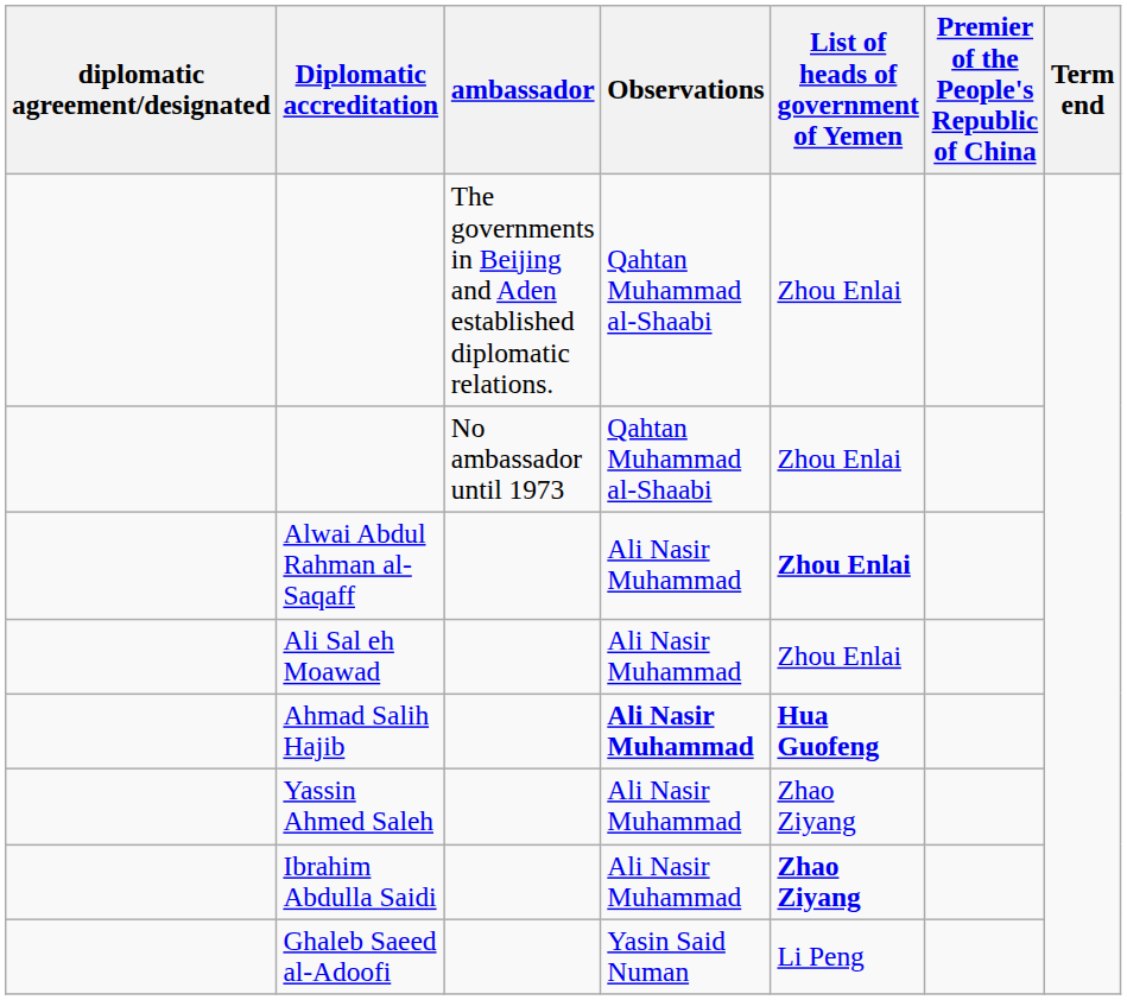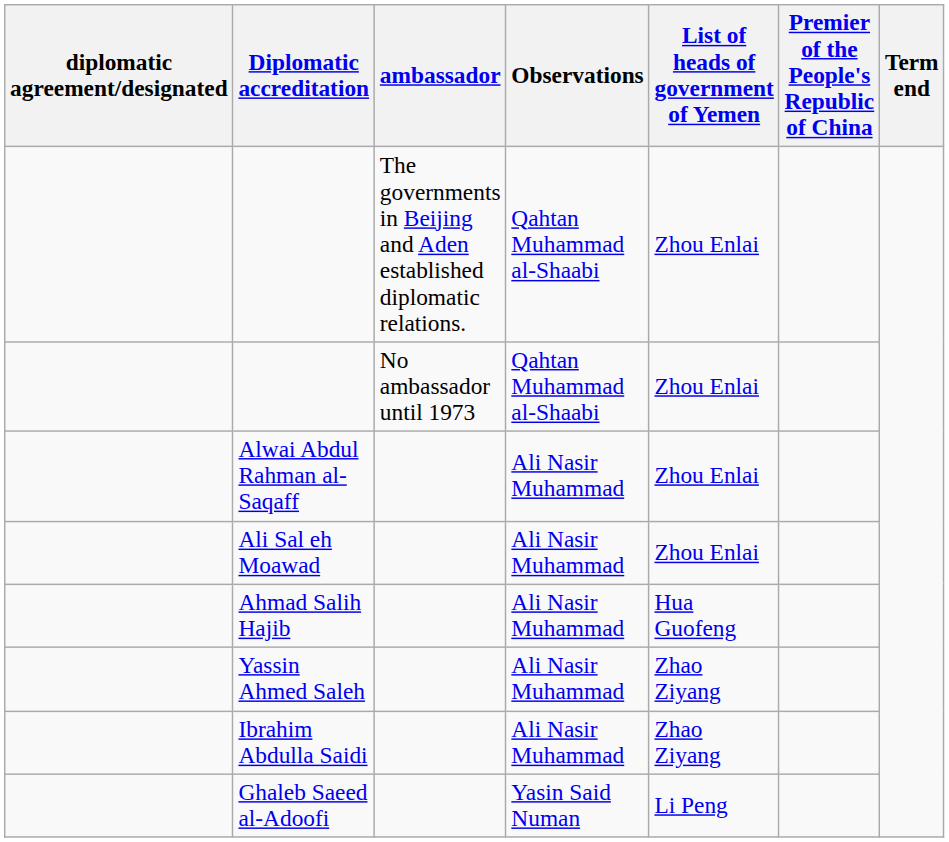 <table class="wikitable sortable">
 <tr>
 <th>diplomatic agreement/designated</th>
 <th><a href='#'>Diplomatic accreditation</a></th>
 <th><a href='#'>ambassador</a></th>
 <th>Observations</th>
 <th><a href='#'>List of heads of government of Yemen</a></th>
 <th><a href='#'>Premier of the People's Republic of China</a></th>
 <th>Term end</th>
 </tr>
 <tr>
 <td></td>
 <td></td>
 <td>The governments in <a href='#'>Beijing</a> and <a href='#'>Aden</a> established diplomatic relations.</td>
 <td><a href='#'>Qahtan Muhammad al-Shaabi</a></td>
 <td><a href='#'>Zhou Enlai</a></td>
 <td></td>
 </tr>
 <tr>
 <td></td>
 <td></td>
 <td>No ambassador until 1973</td>
 <td><a href='#'>Qahtan Muhammad al-Shaabi</a></td>
 <td><a href='#'>Zhou Enlai</a></td>
 <td></td>
 </tr>
 <tr>
 <td></td>
 <td><a href='#'>Alwai Abdul Rahman al-Saqaff</a></td>
 <td></td>
 <td><a href='#'>Ali Nasir Muhammad</a></td>
-<td><strong><a href='#'>Zhou Enlai</a></strong></td>
+<td><a href='#'>Zhou Enlai</a></td>
 <td></td>
 </tr>
 <tr>
 <td></td>
 <td><a href='#'>Ali Sal eh Moawad</a></td>
 <td></td>
 <td><a href='#'>Ali Nasir Muhammad</a></td>
 <td><a href='#'>Zhou Enlai</a></td>
 <td></td>
 </tr>
 <tr>
 <td></td>
 <td><a href='#'>Ahmad Salih Hajib</a></td>
 <td></td>
-<td><strong><a href='#'>Ali Nasir Muhammad</a></strong></td>
-<td><strong><a href='#'>Hua Guofeng</a></strong></td>
+<td><a href='#'>Ali Nasir Muhammad</a></td>
+<td><a href='#'>Hua Guofeng</a></td>
 <td></td>
 </tr>
 <tr>
 <td></td>
 <td><a href='#'>Yassin Ahmed Saleh</a></td>
 <td></td>
 <td><a href='#'>Ali Nasir Muhammad</a></td>
 <td><a href='#'>Zhao Ziyang</a></td>
 <td></td>
 </tr>
 <tr>
 <td></td>
 <td><a href='#'>Ibrahim Abdulla Saidi</a></td>
 <td></td>
 <td><a href='#'>Ali Nasir Muhammad</a></td>
-<td><strong><a href='#'>Zhao Ziyang</a></strong></td>
+<td><a href='#'>Zhao Ziyang</a></td>
 <td></td>
 </tr>
 <tr>
 <td></td>
 <td><a href='#'>Ghaleb Saeed al-Adoofi</a></td>
 <td></td>
 <td><a href='#'>Yasin Said Numan</a></td>
 <td><a href='#'>Li Peng</a></td>
 <td></td>
 </tr>
 </table>
